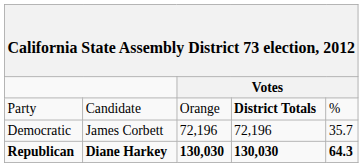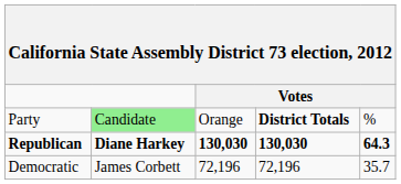 <table class="wikitable">
 <tr>
 <th colspan="5"><br><h3>California State Assembly District 73 election, 2012</h3></th>
 </tr>
 <tr>
 <td colspan="2"></td>
 <th colspan="3">Votes</th>
 </tr>
 <tr>
 <td>Party</td>
-<td>Candidate</td>
+<td style="background: lightgreen;">Candidate</td>
 <td>Orange</td>
 <td><strong>District Totals</strong></td>
 <td>%</td>
+</tr>
+<tr>
+<td><strong>Republican</strong></td>
+<td><strong>Diane Harkey</strong></td>
+<td><strong>130,030</strong></td>
+<td><strong>130,030</strong></td>
+<td><strong>64.3</strong></td>
 </tr>
 <tr>
 <td>Democratic</td>
 <td>James Corbett</td>
 <td>72,196</td>
 <td>72,196</td>
 <td>35.7</td>
 </tr>
-<tr>
-<td><strong>Republican</strong></td>
-<td><strong>Diane Harkey</strong></td>
-<td><strong>130,030</strong></td>
-<td><strong>130,030</strong></td>
-<td><strong>64.3</strong></td>
-</tr>
 </table>
